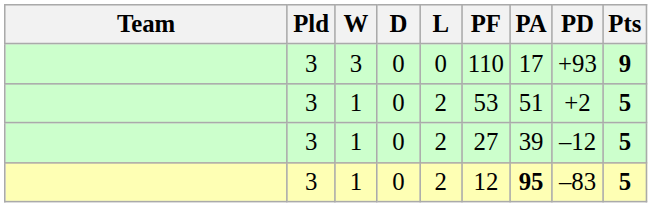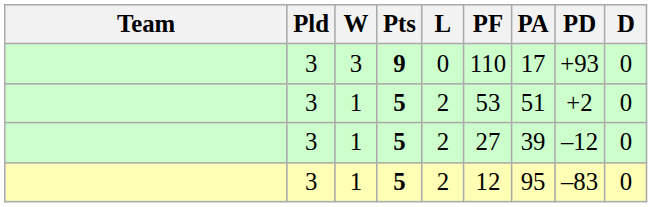 <table class="wikitable" style="text-align:center;">
 <tr>
 <th width=175>Team</th>
 <th width=20 abbr="Played">Pld</th>
 <th width=20 abbr="Won">W</th>
-<th width=20 abbr="Drawn">D</th>
+<th width=20 abbr="Points">Pts</th>
 <th width=20 abbr="Lost">L</th>
 <th width=20 abbr="Points for">PF</th>
 <th width=20 abbr="Points against">PA</th>
 <th width=25 abbr="Points difference">PD</th>
-<th width=20 abbr="Points">Pts</th>
+<th width=20 abbr="Drawn">D</th>
 </tr>
 <tr bgcolor=ccffcc>
 <td align=left></td>
 <td>3</td>
 <td>3</td>
-<td>0</td>
+<td><strong>9</strong></td>
 <td>0</td>
 <td>110</td>
 <td>17</td>
 <td>+93</td>
-<td><strong>9</strong></td>
+<td>0</td>
 </tr>
 <tr bgcolor=ccffcc>
 <td align=left></td>
 <td>3</td>
 <td>1</td>
-<td>0</td>
+<td><strong>5</strong></td>
 <td>2</td>
 <td>53</td>
 <td>51</td>
 <td>+2</td>
-<td><strong>5</strong></td>
+<td>0</td>
 </tr>
 <tr bgcolor=ccffcc>
 <td align=left></td>
 <td>3</td>
 <td>1</td>
-<td>0</td>
+<td><strong>5</strong></td>
 <td>2</td>
 <td>27</td>
 <td>39</td>
 <td>–12</td>
-<td><strong>5</strong></td>
+<td>0</td>
 </tr>
 <tr bgcolor=feffb4>
 <td align=left></td>
 <td>3</td>
 <td>1</td>
-<td>0</td>
+<td><strong>5</strong></td>
 <td>2</td>
 <td>12</td>
-<td><strong>95</strong></td>
+<td>95</td>
 <td>–83</td>
-<td><strong>5</strong></td>
+<td>0</td>
 </tr>
 </table>
